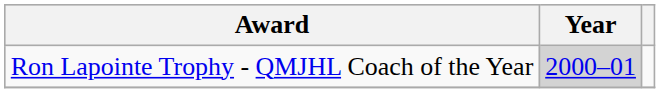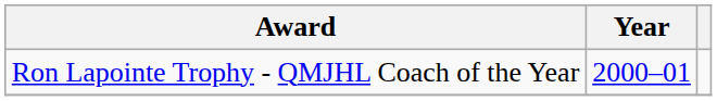 <table class="wikitable">
 <tr>
 <th>Award</th>
 <th>Year</th>
 <th></th>
 </tr>
 <tr>
 <td><a href='#'>Ron Lapointe Trophy</a> - <a href='#'>QMJHL</a> Coach of the Year</td>
-<td style="background: lightgrey;"><a href='#'>2000–01</a></td>
+<td><a href='#'>2000–01</a></td>
 <td></td>
 </tr>
 <tr>
 </tr>
 </table>
